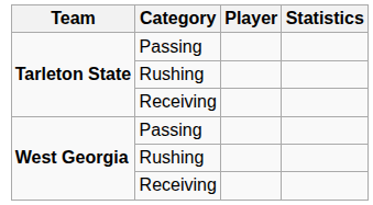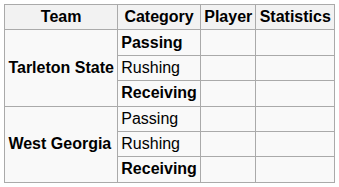 <table class="wikitable" style="float: right;">
 <tr>
 <th>Team</th>
 <th>Category</th>
 <th>Player</th>
 <th>Statistics</th>
 </tr>
 <tr>
 <td rowspan=3><strong>Tarleton State</strong></td>
-<td>Passing</td>
+<td><strong>Passing</strong></td>
 <td></td>
 <td></td>
 </tr>
 <tr>
 <td>Rushing</td>
 <td></td>
 <td></td>
 </tr>
 <tr>
-<td>Receiving</td>
+<td><strong>Receiving</strong></td>
 <td></td>
 <td></td>
 </tr>
 <tr>
 <td rowspan=3><strong>West Georgia</strong></td>
 <td>Passing</td>
 <td></td>
 <td></td>
 </tr>
 <tr>
 <td>Rushing</td>
 <td></td>
 <td></td>
 </tr>
 <tr>
-<td>Receiving</td>
+<td><strong>Receiving</strong></td>
 <td></td>
 <td></td>
 </tr>
 </table>
